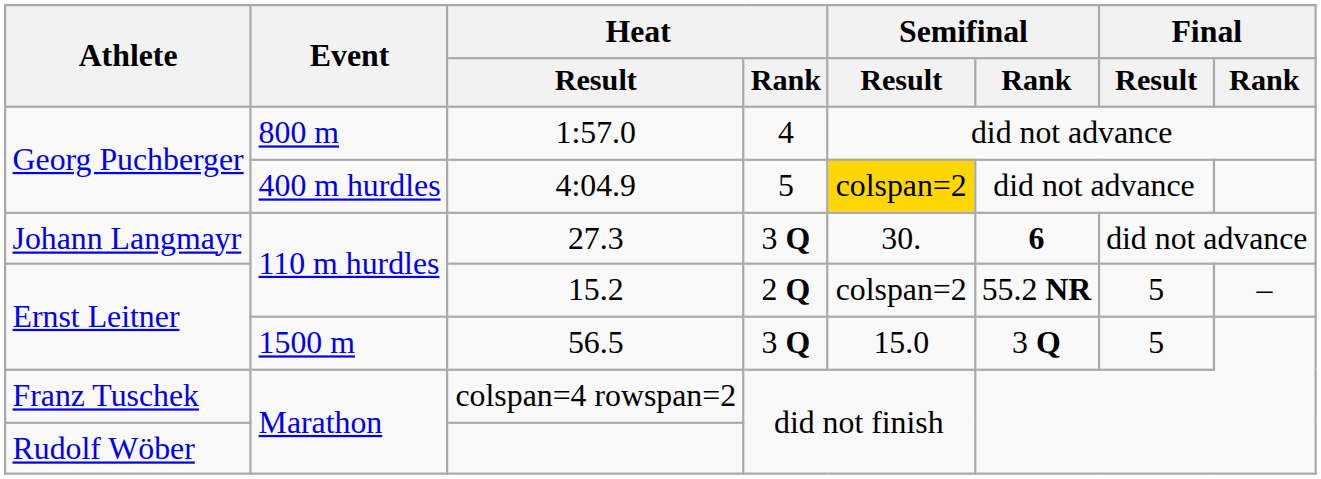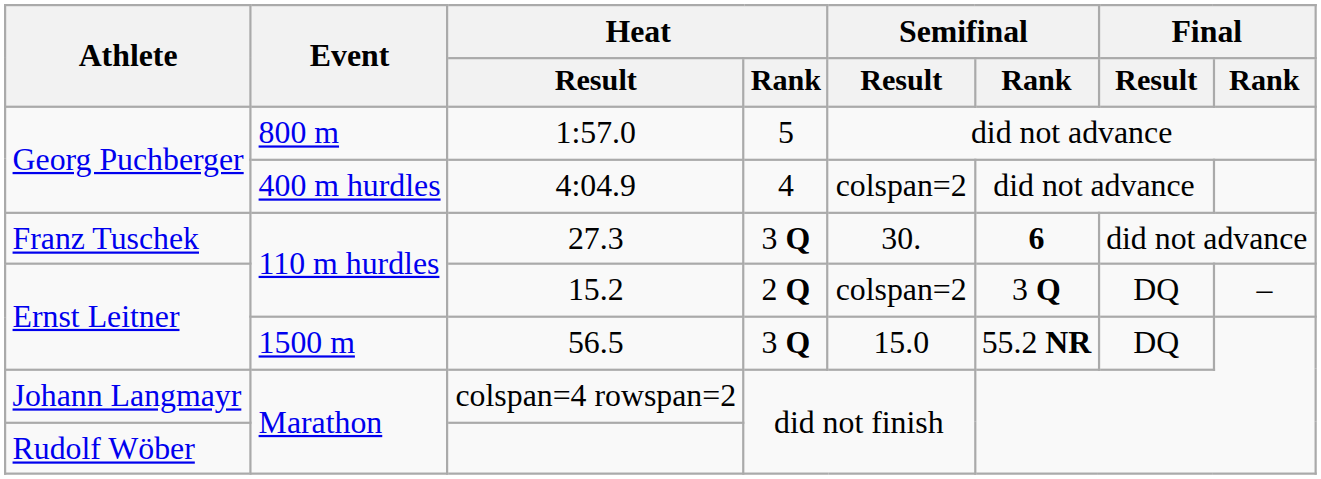 <table class="wikitable" style="font-size:90%">
 <tr>
 <th rowspan=2>Athlete</th>
 <th rowspan=2>Event</th>
 <th colspan=2>Heat</th>
 <th colspan=2>Semifinal</th>
 <th colspan=2>Final</th>
 </tr>
 <tr style="font-size:95%">
 <th>Result</th>
 <th>Rank</th>
 <th>Result</th>
 <th>Rank</th>
 <th>Result</th>
 <th>Rank</th>
 </tr>
 <tr align=center>
 <td align=left rowspan="2"><a href='#'>Georg Puchberger</a></td>
 <td style="text-align:left;"><a href='#'>800 m</a></td>
 <td>1:57.0</td>
-<td>4</td>
+<td>5</td>
 <td colspan=4>did not advance</td>
 </tr>
 <tr align=center>
 <td style="text-align:left;"><a href='#'>400 m hurdles</a></td>
 <td>4:04.9</td>
-<td>5</td>
-<td style="background: gold;">colspan=2 </td>
+<td>4</td>
+<td>colspan=2 </td>
 <td colspan=2>did not advance</td>
 </tr>
 <tr align=center>
-<td align=left><a href='#'>Johann Langmayr</a></td>
+<td style="text-align:left;"><a href='#'>Franz Tuschek</a></td>
 <td style="text-align:left; "rowspan="2"><a href='#'>110 m hurdles</a></td>
 <td>27.3</td>
 <td>3 <strong>Q</strong></td>
 <td>30.</td>
 <td><strong>6</strong></td>
 <td colspan=2>did not advance</td>
 </tr>
 <tr align=center>
 <td style="text-align:left; "rowspan="2"><a href='#'>Ernst Leitner</a></td>
 <td>15.2</td>
 <td>2 <strong>Q</strong></td>
 <td>colspan=2 </td>
-<td>55.2 <strong>NR</strong></td>
-<td>5</td>
+<td>3 <strong>Q</strong></td>
+<td>DQ</td>
 <td>–</td>
 </tr>
 <tr align=center>
 <td style="text-align:left;"><a href='#'>1500 m</a></td>
 <td>56.5</td>
 <td>3 <strong>Q</strong></td>
 <td>15.0</td>
-<td>3 <strong>Q</strong></td>
-<td>5</td>
+<td>55.2 <strong>NR</strong></td>
+<td>DQ</td>
 </tr>
 <tr align=center>
-<td style="text-align:left;"><a href='#'>Franz Tuschek</a></td>
+<td align=left><a href='#'>Johann Langmayr</a></td>
 <td style="text-align:left; "rowspan="2"><a href='#'>Marathon</a></td>
 <td>colspan=4 rowspan=2 </td>
 <td colspan=2 rowspan=2>did not finish</td>
 </tr>
 <tr align=center>
 <td style="text-align:left;"><a href='#'>Rudolf Wöber</a></td>
 </tr>
 </table>
